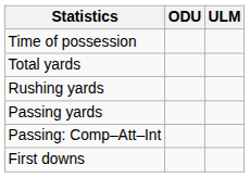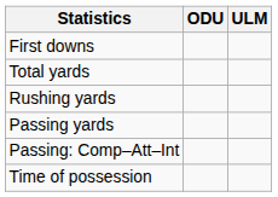 <table class="wikitable" style="float: left;">
 <tr>
 <th>Statistics</th>
 <th>ODU</th>
 <th>ULM</th>
 </tr>
 <tr>
-<td>Time of possession</td>
+<td>First downs</td>
 <td></td>
 <td></td>
 </tr>
 <tr>
 <td>Total yards</td>
 <td></td>
 <td></td>
 </tr>
 <tr>
 <td>Rushing yards</td>
 <td></td>
 <td></td>
 </tr>
 <tr>
 <td>Passing yards</td>
 <td></td>
 <td></td>
 </tr>
 <tr>
 <td>Passing: Comp–Att–Int</td>
 <td></td>
 <td></td>
 </tr>
 <tr>
-<td>First downs</td>
+<td>Time of possession</td>
 <td></td>
 <td></td>
 </tr>
 </table>
